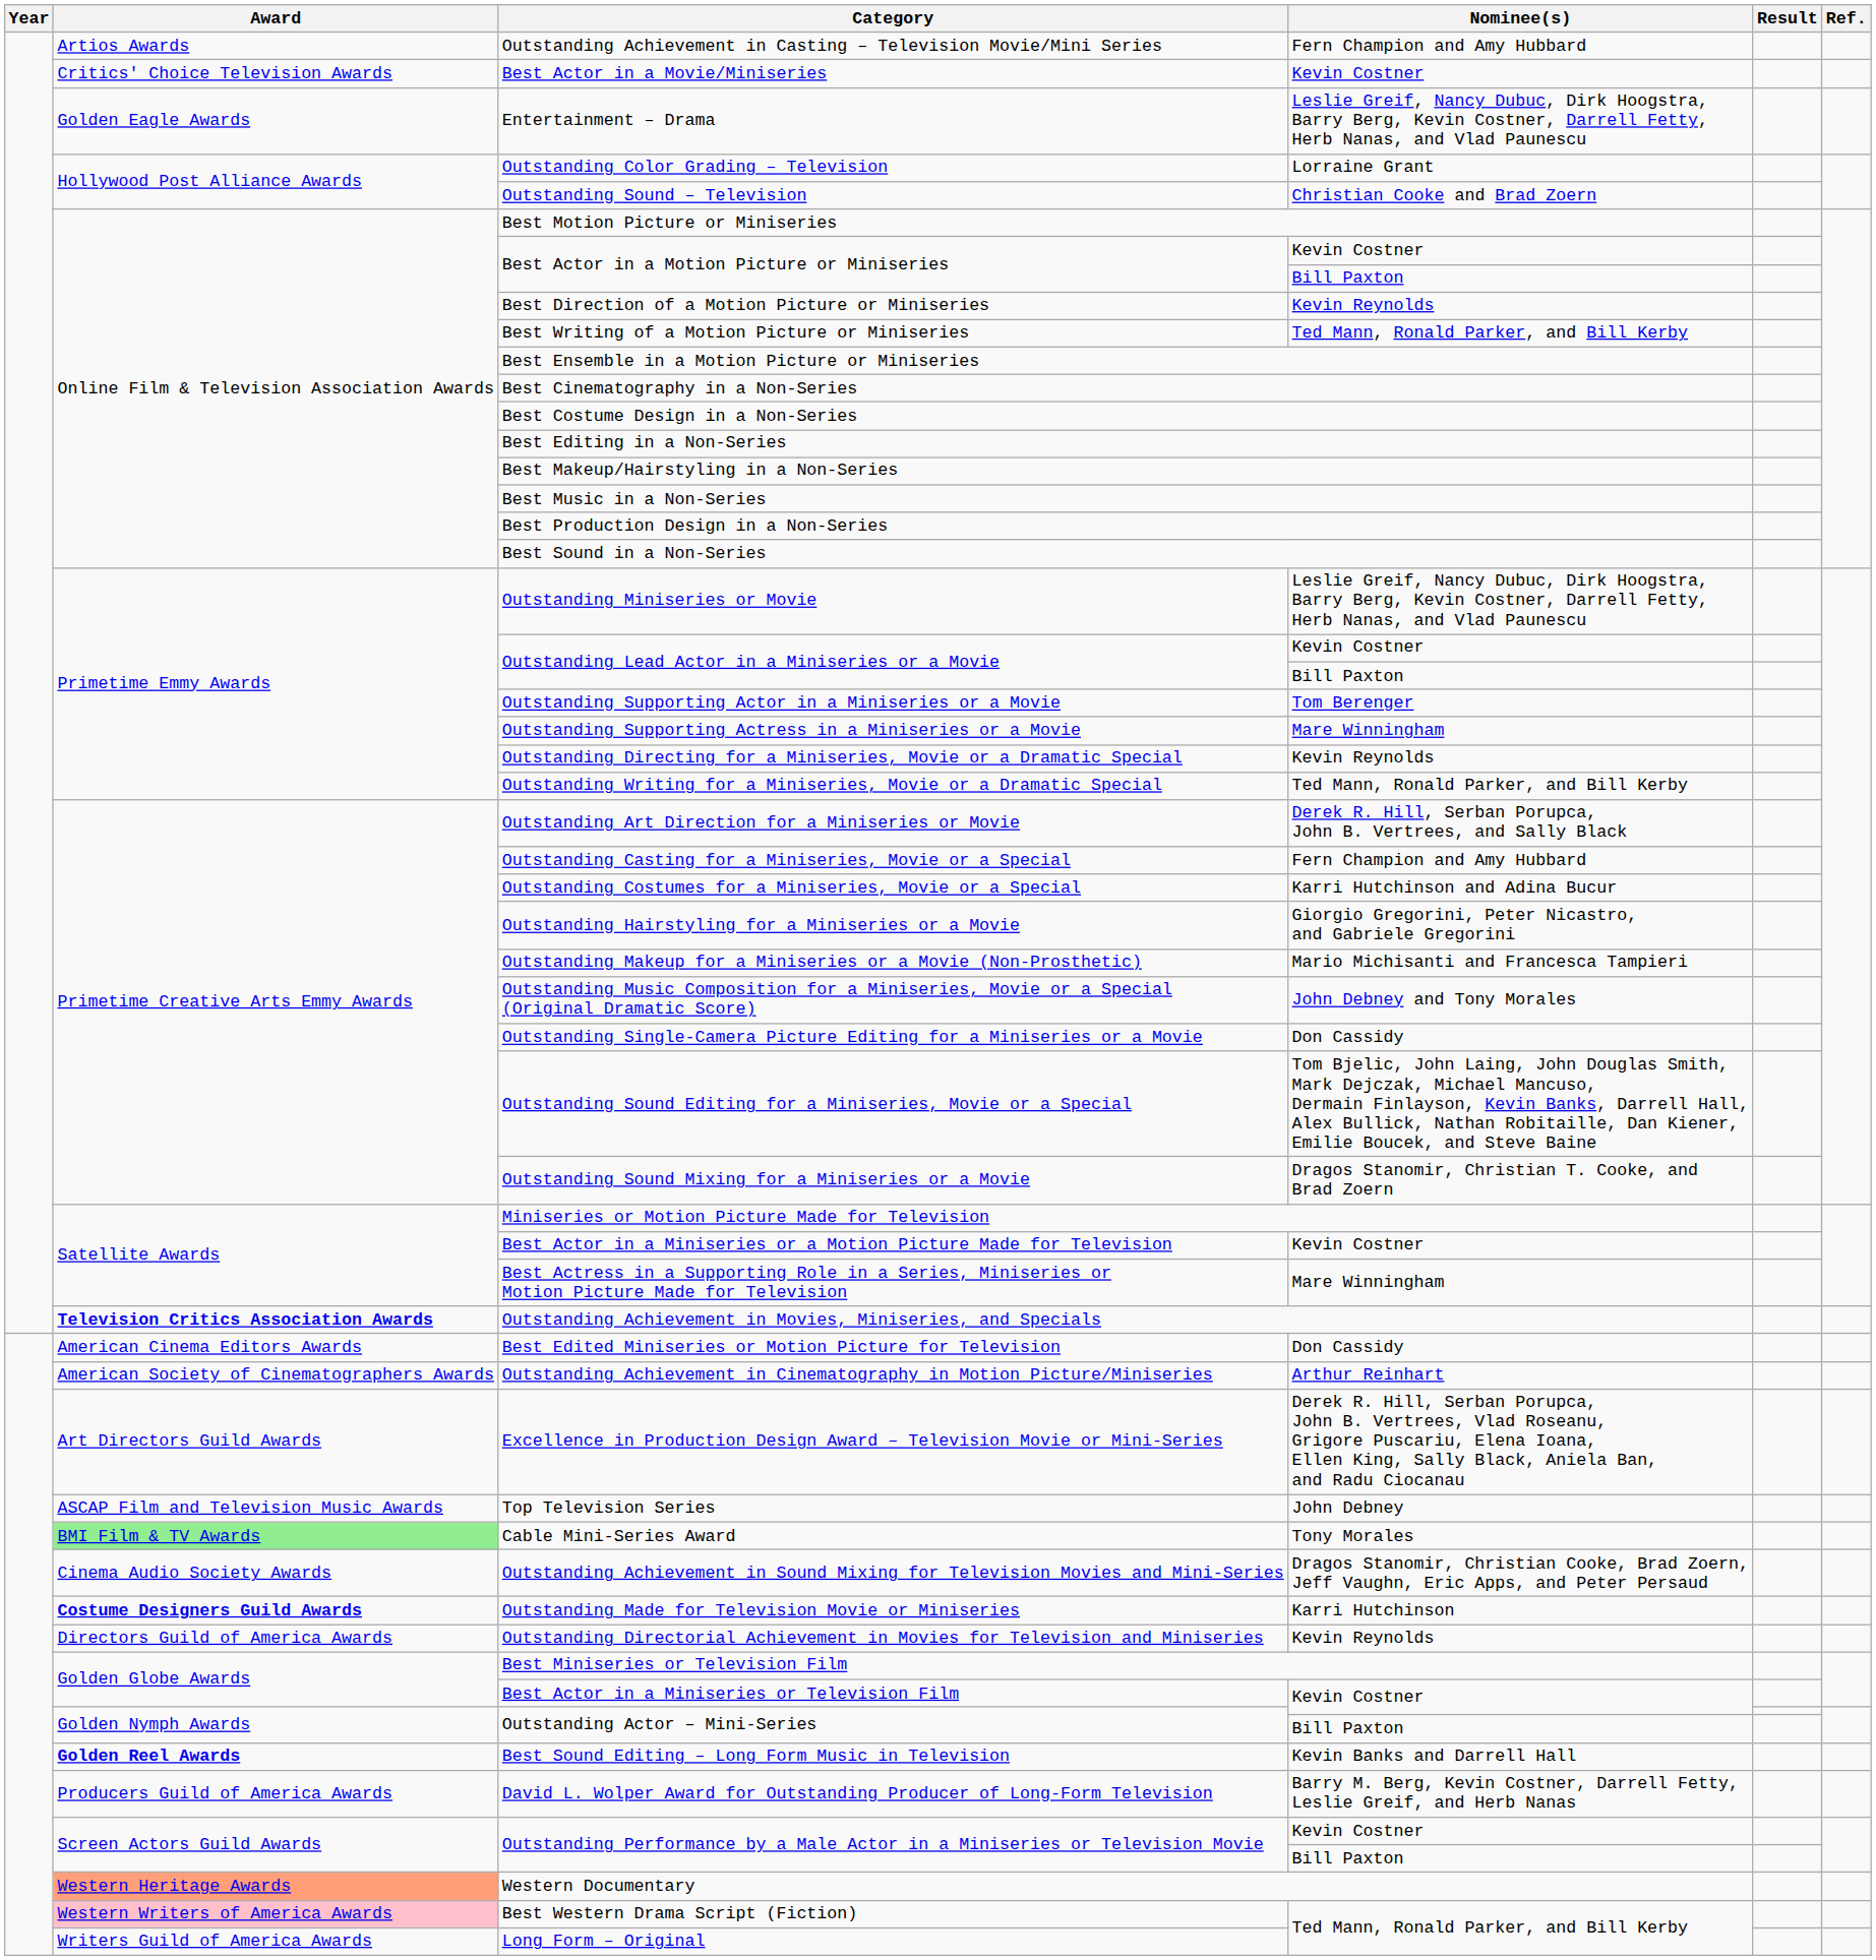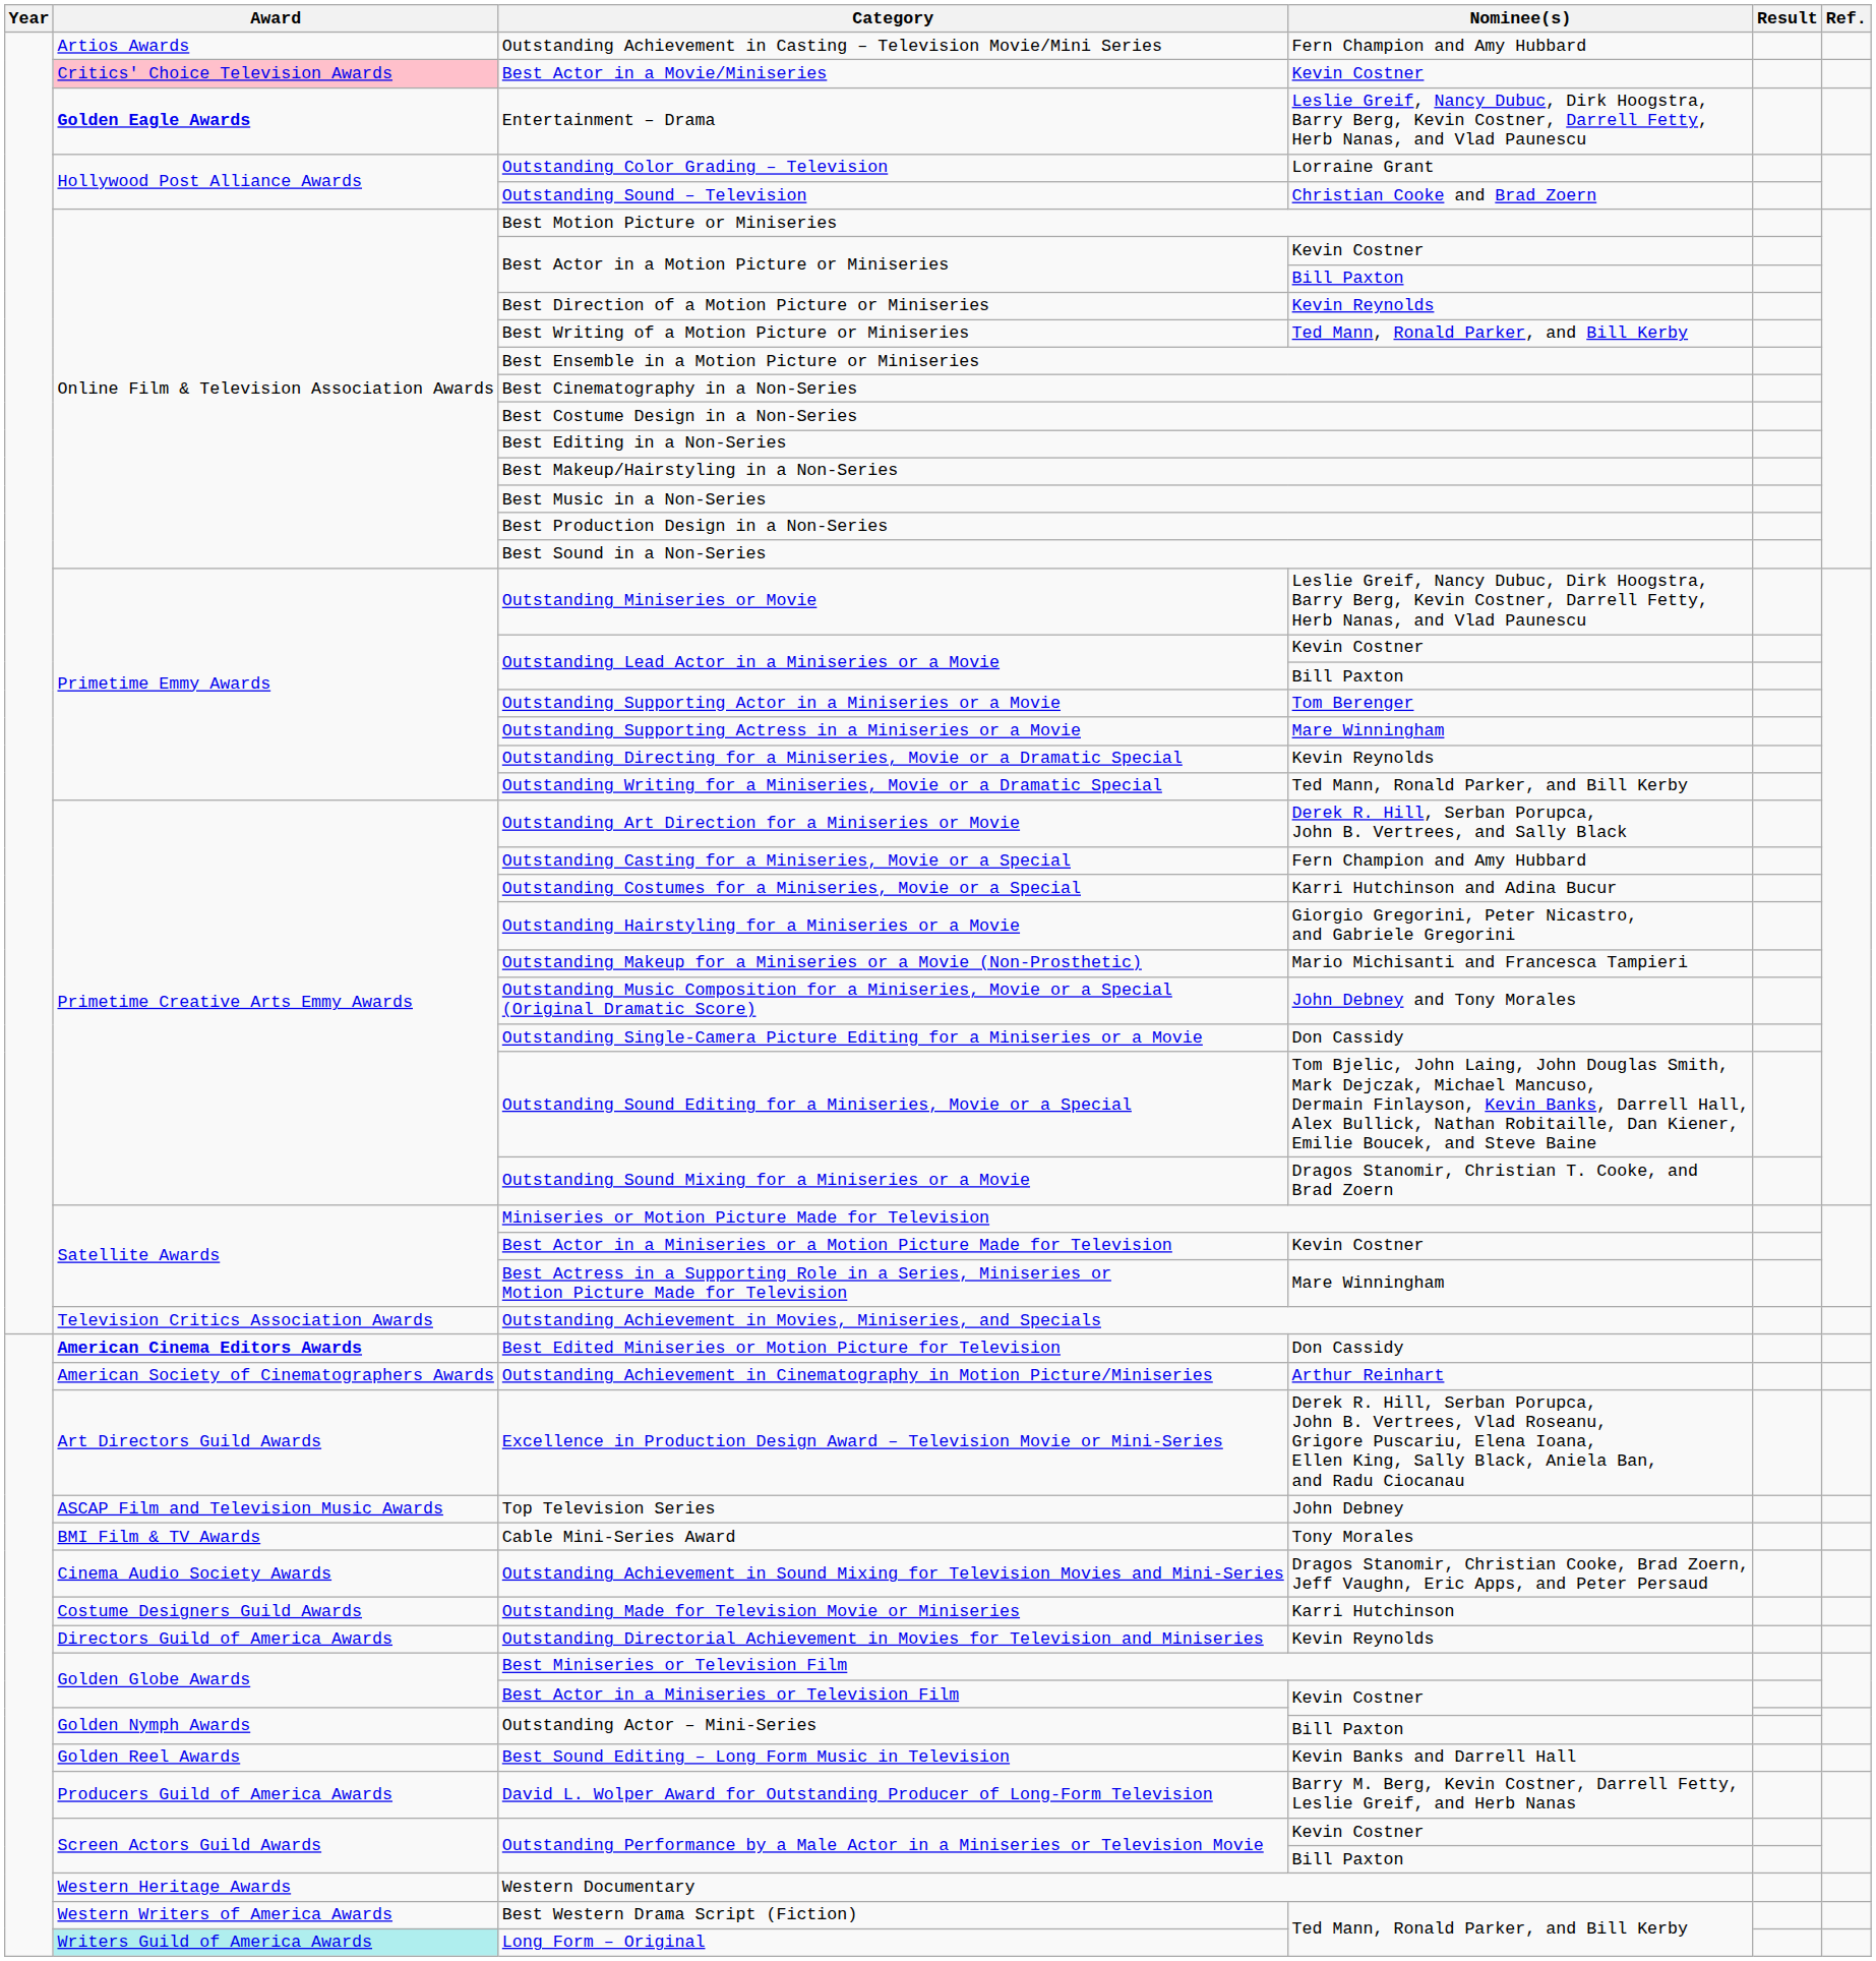 <table class="wikitable sortable">
 <tr>
 <th>Year</th>
 <th>Award</th>
 <th>Category</th>
 <th>Nominee(s)</th>
 <th>Result</th>
 <th>Ref.</th>
 </tr>
 <tr>
 <td rowspan="38"></td>
 <td><a href='#'>Artios Awards</a></td>
 <td>Outstanding Achievement in Casting – Television Movie/Mini Series</td>
 <td>Fern Champion and Amy Hubbard</td>
 <td></td>
 <td align="center"></td>
 </tr>
 <tr>
-<td><a href='#'>Critics' Choice Television Awards</a></td>
+<td style="background: pink;"><a href='#'>Critics' Choice Television Awards</a></td>
 <td><a href='#'>Best Actor in a Movie/Miniseries</a></td>
 <td><a href='#'>Kevin Costner</a></td>
 <td></td>
 <td align="center"></td>
 </tr>
 <tr>
-<td><a href='#'>Golden Eagle Awards</a></td>
+<td><strong><a href='#'>Golden Eagle Awards</a></strong></td>
 <td>Entertainment – Drama</td>
 <td><a href='#'>Leslie Greif</a>, <a href='#'>Nancy Dubuc</a>, Dirk Hoogstra, <br> Barry Berg, Kevin Costner, <a href='#'>Darrell Fetty</a>, <br> Herb Nanas, and Vlad Paunescu</td>
 <td></td>
 <td align="center"></td>
 </tr>
 <tr>
 <td rowspan="2"><a href='#'>Hollywood Post Alliance Awards</a></td>
 <td><a href='#'>Outstanding Color Grading – Television</a></td>
 <td>Lorraine Grant </td>
 <td></td>
 <td align="center" rowspan="2"></td>
 </tr>
 <tr>
 <td><a href='#'>Outstanding Sound – Television</a></td>
 <td><a href='#'>Christian Cooke</a> and <a href='#'>Brad Zoern</a> </td>
 <td></td>
 </tr>
 <tr>
 <td rowspan="13">Online Film & Television Association Awards</td>
 <td colspan="2">Best Motion Picture or Miniseries</td>
 <td></td>
 <td align="center" rowspan="13"></td>
 </tr>
 <tr>
 <td rowspan="2">Best Actor in a Motion Picture or Miniseries</td>
 <td>Kevin Costner</td>
 <td></td>
 </tr>
 <tr>
 <td><a href='#'>Bill Paxton</a></td>
 <td></td>
 </tr>
 <tr>
 <td>Best Direction of a Motion Picture or Miniseries</td>
 <td><a href='#'>Kevin Reynolds</a></td>
 <td></td>
 </tr>
 <tr>
 <td>Best Writing of a Motion Picture or Miniseries</td>
 <td><a href='#'>Ted Mann</a>, <a href='#'>Ronald Parker</a>, and <a href='#'>Bill Kerby</a></td>
 <td></td>
 </tr>
 <tr>
 <td colspan="2">Best Ensemble in a Motion Picture or Miniseries</td>
 <td></td>
 </tr>
 <tr>
 <td colspan="2">Best Cinematography in a Non-Series</td>
 <td></td>
 </tr>
 <tr>
 <td colspan="2">Best Costume Design in a Non-Series</td>
 <td></td>
 </tr>
 <tr>
 <td colspan="2">Best Editing in a Non-Series</td>
 <td></td>
 </tr>
 <tr>
 <td colspan="2">Best Makeup/Hairstyling in a Non-Series</td>
 <td></td>
 </tr>
 <tr>
 <td colspan="2">Best Music in a Non-Series</td>
 <td></td>
 </tr>
 <tr>
 <td colspan="2">Best Production Design in a Non-Series</td>
 <td></td>
 </tr>
 <tr>
 <td colspan="2">Best Sound in a Non-Series</td>
 <td></td>
 </tr>
 <tr>
 <td rowspan="7"><a href='#'>Primetime Emmy Awards</a></td>
 <td><a href='#'>Outstanding Miniseries or Movie</a></td>
 <td>Leslie Greif, Nancy Dubuc, Dirk Hoogstra, <br> Barry Berg, Kevin Costner, Darrell Fetty, <br> Herb Nanas, and Vlad Paunescu</td>
 <td></td>
 <td align="center" rowspan="16"></td>
 </tr>
 <tr>
 <td rowspan="2"><a href='#'>Outstanding Lead Actor in a Miniseries or a Movie</a></td>
 <td>Kevin Costner</td>
 <td></td>
 </tr>
 <tr>
 <td>Bill Paxton</td>
 <td></td>
 </tr>
 <tr>
 <td><a href='#'>Outstanding Supporting Actor in a Miniseries or a Movie</a></td>
 <td><a href='#'>Tom Berenger</a></td>
 <td></td>
 </tr>
 <tr>
 <td><a href='#'>Outstanding Supporting Actress in a Miniseries or a Movie</a></td>
 <td><a href='#'>Mare Winningham</a></td>
 <td></td>
 </tr>
 <tr>
 <td><a href='#'>Outstanding Directing for a Miniseries, Movie or a Dramatic Special</a></td>
 <td>Kevin Reynolds</td>
 <td></td>
 </tr>
 <tr>
 <td><a href='#'>Outstanding Writing for a Miniseries, Movie or a Dramatic Special</a></td>
 <td>Ted Mann, Ronald Parker, and Bill Kerby <br> </td>
 <td></td>
 </tr>
 <tr>
 <td rowspan="9"><a href='#'>Primetime Creative Arts Emmy Awards</a></td>
 <td><a href='#'>Outstanding Art Direction for a Miniseries or Movie</a></td>
 <td><a href='#'>Derek R. Hill</a>, Serban Porupca, <br> John B. Vertrees, and Sally Black</td>
 <td></td>
 </tr>
 <tr>
 <td><a href='#'>Outstanding Casting for a Miniseries, Movie or a Special</a></td>
 <td>Fern Champion and Amy Hubbard</td>
 <td></td>
 </tr>
 <tr>
 <td><a href='#'>Outstanding Costumes for a Miniseries, Movie or a Special</a></td>
 <td>Karri Hutchinson and Adina Bucur </td>
 <td></td>
 </tr>
 <tr>
 <td><a href='#'>Outstanding Hairstyling for a Miniseries or a Movie</a></td>
 <td>Giorgio Gregorini, Peter Nicastro, <br> and Gabriele Gregorini</td>
 <td></td>
 </tr>
 <tr>
 <td><a href='#'>Outstanding Makeup for a Miniseries or a Movie (Non-Prosthetic)</a></td>
 <td>Mario Michisanti and Francesca Tampieri</td>
 <td></td>
 </tr>
 <tr>
 <td><a href='#'>Outstanding Music Composition for a Miniseries, Movie or a Special <br> (Original Dramatic Score)</a></td>
 <td><a href='#'>John Debney</a> and Tony Morales </td>
 <td></td>
 </tr>
 <tr>
 <td><a href='#'>Outstanding Single-Camera Picture Editing for a Miniseries or a Movie</a></td>
 <td>Don Cassidy </td>
 <td></td>
 </tr>
 <tr>
 <td><a href='#'>Outstanding Sound Editing for a Miniseries, Movie or a Special</a></td>
 <td>Tom Bjelic, John Laing, John Douglas Smith, <br> Mark Dejczak, Michael Mancuso, <br> Dermain Finlayson, <a href='#'>Kevin Banks</a>, Darrell Hall, <br> Alex Bullick, Nathan Robitaille, Dan Kiener, <br> Emilie Boucek, and Steve Baine </td>
 <td></td>
 </tr>
 <tr>
 <td><a href='#'>Outstanding Sound Mixing for a Miniseries or a Movie</a></td>
 <td>Dragos Stanomir, Christian T. Cooke, and <br> Brad Zoern </td>
 <td></td>
 </tr>
 <tr>
 <td rowspan="3"><a href='#'>Satellite Awards</a></td>
 <td colspan="2"><a href='#'>Miniseries or Motion Picture Made for Television</a></td>
 <td></td>
 <td align="center" rowspan="3"></td>
 </tr>
 <tr>
 <td><a href='#'>Best Actor in a Miniseries or a Motion Picture Made for Television</a></td>
 <td>Kevin Costner</td>
 <td></td>
 </tr>
 <tr>
 <td><a href='#'>Best Actress in a Supporting Role in a Series, Miniseries or <br> Motion Picture Made for Television</a></td>
 <td>Mare Winningham</td>
 <td></td>
 </tr>
 <tr>
-<td><strong><a href='#'>Television Critics Association Awards</a></strong></td>
+<td><a href='#'>Television Critics Association Awards</a></td>
 <td colspan="2"><a href='#'>Outstanding Achievement in Movies, Miniseries, and Specials</a></td>
 <td></td>
 <td align="center"></td>
 </tr>
 <tr>
 <td rowspan="19"></td>
-<td><a href='#'>American Cinema Editors Awards</a></td>
+<td><strong><a href='#'>American Cinema Editors Awards</a></strong></td>
 <td><a href='#'>Best Edited Miniseries or Motion Picture for Television</a></td>
 <td>Don Cassidy </td>
 <td></td>
 <td align="center"></td>
 </tr>
 <tr>
 <td><a href='#'>American Society of Cinematographers Awards</a></td>
 <td><a href='#'>Outstanding Achievement in Cinematography in Motion Picture/Miniseries</a></td>
 <td><a href='#'>Arthur Reinhart</a></td>
 <td></td>
 <td align="center"></td>
 </tr>
 <tr>
 <td><a href='#'>Art Directors Guild Awards</a></td>
 <td><a href='#'>Excellence in Production Design Award – Television Movie or Mini-Series</a></td>
 <td>Derek R. Hill, Serban Porupca, <br> John B. Vertrees, Vlad Roseanu, <br> Grigore Puscariu, Elena Ioana, <br> Ellen King, Sally Black, Aniela Ban, <br> and Radu Ciocanau</td>
 <td></td>
 <td align="center"></td>
 </tr>
 <tr>
 <td><a href='#'>ASCAP Film and Television Music Awards</a></td>
 <td>Top Television Series</td>
 <td>John Debney</td>
 <td></td>
 <td align="center"></td>
 </tr>
 <tr>
-<td style="background: lightgreen;"><a href='#'>BMI Film & TV Awards</a></td>
+<td><a href='#'>BMI Film & TV Awards</a></td>
 <td>Cable Mini-Series Award</td>
 <td>Tony Morales</td>
 <td></td>
 <td align="center"></td>
 </tr>
 <tr>
 <td><a href='#'>Cinema Audio Society Awards</a></td>
 <td><a href='#'>Outstanding Achievement in Sound Mixing for Television Movies and Mini-Series</a></td>
 <td>Dragos Stanomir, Christian Cooke, Brad Zoern, <br> Jeff Vaughn, Eric Apps, and Peter Persaud</td>
 <td></td>
 <td align="center"></td>
 </tr>
 <tr>
-<td><strong><a href='#'>Costume Designers Guild Awards</a></strong></td>
+<td><a href='#'>Costume Designers Guild Awards</a></td>
 <td><a href='#'>Outstanding Made for Television Movie or Miniseries</a></td>
 <td>Karri Hutchinson</td>
 <td></td>
 <td align="center"></td>
 </tr>
 <tr>
 <td><a href='#'>Directors Guild of America Awards</a></td>
 <td><a href='#'>Outstanding Directorial Achievement in Movies for Television and Miniseries</a></td>
 <td>Kevin Reynolds</td>
 <td></td>
 <td align="center"></td>
 </tr>
 <tr>
 <td rowspan="2"><a href='#'>Golden Globe Awards</a></td>
 <td colspan="2"><a href='#'>Best Miniseries or Television Film</a></td>
 <td></td>
 <td align="center" rowspan="2"></td>
 </tr>
 <tr>
 <td><a href='#'>Best Actor in a Miniseries or Television Film</a></td>
 <td rowspan="2">Kevin Costner</td>
 <td></td>
 </tr>
 <tr>
 <td rowspan="2"><a href='#'>Golden Nymph Awards</a></td>
 <td rowspan="2">Outstanding Actor – Mini-Series</td>
 <td></td>
 <td align="center" rowspan="2"></td>
 </tr>
 <tr>
 <td>Bill Paxton</td>
 <td></td>
 </tr>
 <tr>
-<td><strong><a href='#'>Golden Reel Awards</a></strong></td>
+<td><a href='#'>Golden Reel Awards</a></td>
 <td><a href='#'>Best Sound Editing – Long Form Music in Television</a></td>
 <td>Kevin Banks and Darrell Hall </td>
 <td></td>
 <td align="center"></td>
 </tr>
 <tr>
 <td><a href='#'>Producers Guild of America Awards</a></td>
 <td><a href='#'>David L. Wolper Award for Outstanding Producer of Long-Form Television</a></td>
 <td>Barry M. Berg, Kevin Costner, Darrell Fetty, <br> Leslie Greif, and Herb Nanas</td>
 <td></td>
 <td align="center"></td>
 </tr>
 <tr>
 <td rowspan="2"><a href='#'>Screen Actors Guild Awards</a></td>
 <td rowspan="2"><a href='#'>Outstanding Performance by a Male Actor in a Miniseries or Television Movie</a></td>
 <td>Kevin Costner</td>
 <td></td>
 <td align="center" rowspan="2"></td>
 </tr>
 <tr>
 <td>Bill Paxton</td>
 <td></td>
 </tr>
 <tr>
-<td style="background: lightsalmon;"><a href='#'>Western Heritage Awards</a></td>
+<td><a href='#'>Western Heritage Awards</a></td>
 <td colspan="2">Western Documentary</td>
 <td></td>
 <td align="center"></td>
 </tr>
 <tr>
-<td style="background: pink;"><a href='#'>Western Writers of America Awards</a></td>
+<td><a href='#'>Western Writers of America Awards</a></td>
 <td>Best Western Drama Script (Fiction)</td>
 <td rowspan="2">Ted Mann, Ronald Parker, and Bill Kerby</td>
 <td></td>
 <td align="center"></td>
 </tr>
 <tr>
-<td><a href='#'>Writers Guild of America Awards</a></td>
+<td style="background: paleturquoise;"><a href='#'>Writers Guild of America Awards</a></td>
 <td><a href='#'>Long Form – Original</a></td>
 <td></td>
 <td align="center"></td>
 </tr>
 </table>
